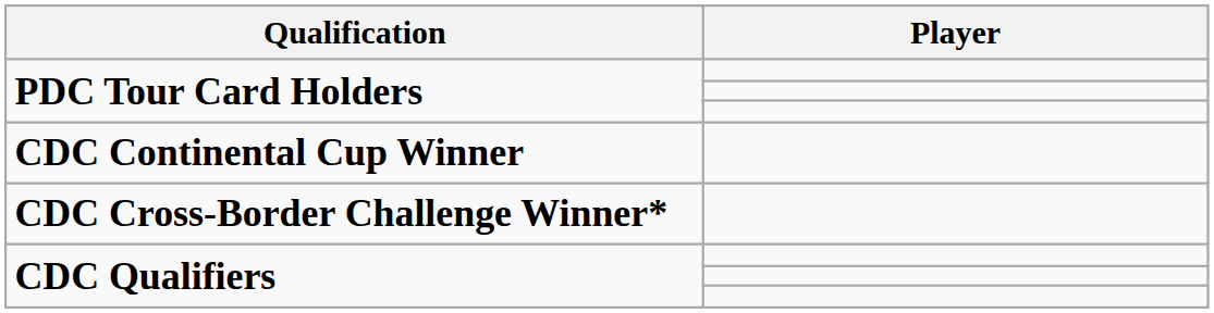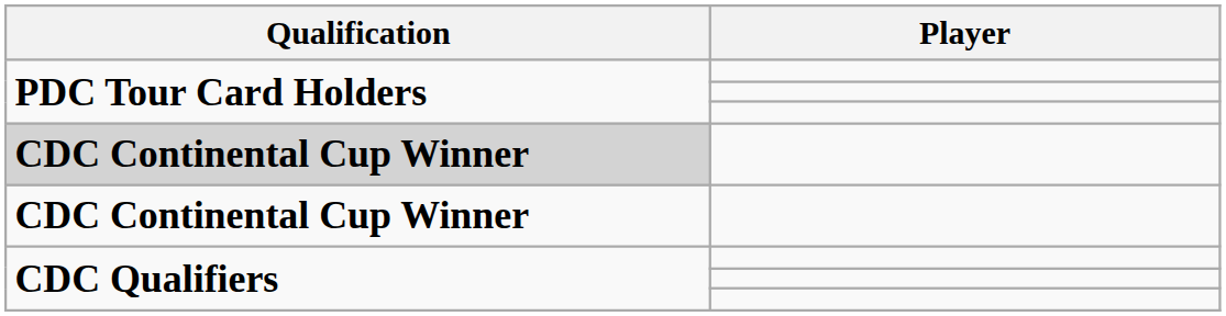 <table class="wikitable">
 <tr style="font-size:10pt;font-weight:bold">
 <th width="280">Qualification</th>
 <th width="200">Player</th>
 </tr>
 <tr>
 <td rowspan="3"><strong>PDC Tour Card Holders</strong></td>
 <td></td>
 </tr>
 <tr>
 <td></td>
 </tr>
 <tr>
 <td></td>
 </tr>
 <tr>
-<td><strong>CDC Continental Cup Winner</strong></td>
+<td style="background: lightgrey;"><strong>CDC Continental Cup Winner</strong></td>
 <td></td>
 </tr>
 <tr>
-<td><strong>CDC Cross-Border Challenge Winner*</strong></td>
+<td><strong>CDC Continental Cup Winner</strong></td>
 <td></td>
 </tr>
 <tr>
 <td rowspan="3"><strong>CDC Qualifiers</strong></td>
 <td></td>
 </tr>
 <tr>
 <td></td>
 </tr>
 <tr>
 <td></td>
 </tr>
 </table>
